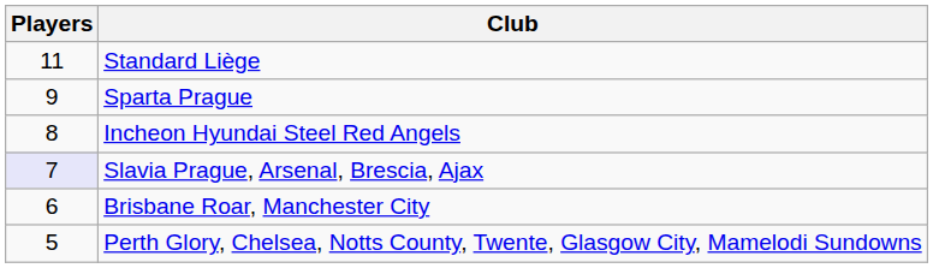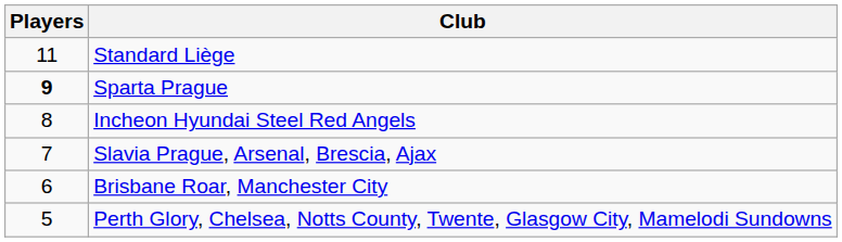 <table class="wikitable">
 <tr>
 <th>Players</th>
 <th>Club</th>
 </tr>
 <tr>
 <td align="center">11</td>
 <td> <a href='#'>Standard Liège</a></td>
 </tr>
 <tr>
-<td align="center">9</td>
+<td align="center"><strong>9</strong></td>
 <td> <a href='#'>Sparta Prague</a></td>
 </tr>
 <tr>
 <td align="center">8</td>
 <td> <a href='#'>Incheon Hyundai Steel Red Angels</a></td>
 </tr>
 <tr>
-<td align="center" style="background: lavender;">7</td>
+<td align="center">7</td>
 <td> <a href='#'>Slavia Prague</a>,  <a href='#'>Arsenal</a>,  <a href='#'>Brescia</a>,  <a href='#'>Ajax</a></td>
 </tr>
 <tr>
 <td align="center">6</td>
 <td> <a href='#'>Brisbane Roar</a>,  <a href='#'>Manchester City</a></td>
 </tr>
 <tr>
 <td align="center">5</td>
 <td> <a href='#'>Perth Glory</a>,  <a href='#'>Chelsea</a>,  <a href='#'>Notts County</a>,  <a href='#'>Twente</a>,  <a href='#'>Glasgow City</a>,  <a href='#'>Mamelodi Sundowns</a></td>
 </tr>
 </table>
